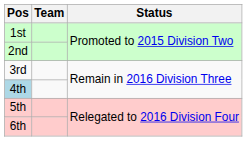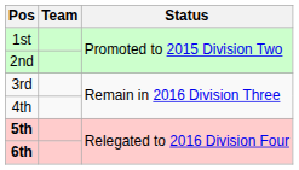 <table class="wikitable">
 <tr>
 <th>Pos</th>
 <th>Team</th>
 <th>Status</th>
 </tr>
 <tr style="background:#ccffcc">
 <td align="center">1st</td>
 <td></td>
 <td rowspan=2>Promoted to <a href='#'>2015 Division Two</a></td>
 </tr>
 <tr style="background:#ccffcc">
 <td align="center">2nd</td>
 <td></td>
 </tr>
 <tr>
 <td align="center">3rd</td>
 <td></td>
 <td rowspan=2>Remain in <a href='#'>2016 Division Three</a></td>
 </tr>
 <tr>
-<td align="center" style="background: lightblue;">4th</td>
+<td align="center">4th</td>
 <td></td>
 </tr>
 <tr style="background:#fcc">
-<td align="center">5th</td>
+<td align="center"><strong>5th</strong></td>
 <td></td>
 <td rowspan=2>Relegated to <a href='#'>2016 Division Four</a></td>
 </tr>
 <tr style="background:#fcc">
-<td align="center">6th</td>
+<td align="center"><strong>6th</strong></td>
 <td></td>
 </tr>
 </table>
